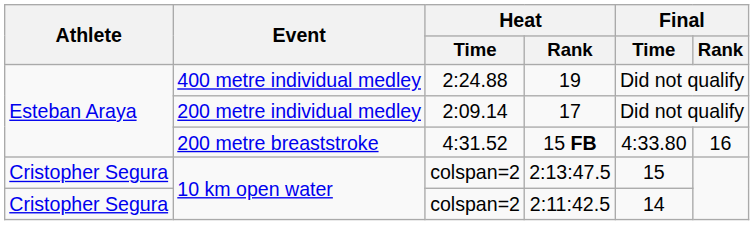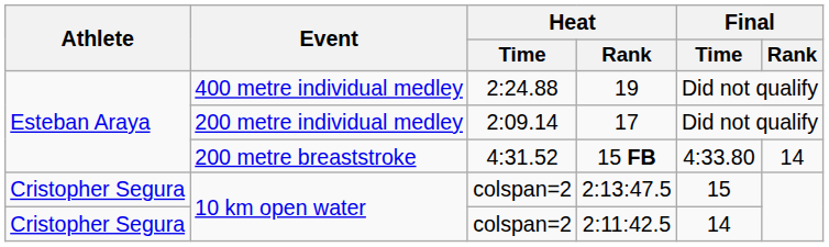 <table class=wikitable style="font-size:90%">
 <tr>
 <th rowspan="2">Athlete</th>
 <th rowspan="2">Event</th>
 <th colspan="2">Heat</th>
 <th colspan="2">Final</th>
 </tr>
 <tr style="font-size:95%">
 <th>Time</th>
 <th>Rank</th>
 <th>Time</th>
 <th>Rank</th>
 </tr>
 <tr align=center>
 <td align=left rowspan="3"><a href='#'>Esteban Araya</a></td>
 <td align=left><a href='#'>400 metre individual medley</a></td>
 <td>2:24.88</td>
 <td>19</td>
 <td colspan=2>Did not qualify</td>
 </tr>
 <tr align=center>
 <td align=left><a href='#'>200 metre individual medley</a></td>
 <td>2:09.14</td>
 <td>17</td>
 <td colspan=2>Did not qualify</td>
 </tr>
 <tr align=center>
 <td align=left><a href='#'>200 metre breaststroke</a></td>
 <td>4:31.52</td>
 <td>15 <strong>FB</strong></td>
 <td>4:33.80</td>
-<td>16</td>
+<td>14</td>
 </tr>
 <tr align=center>
 <td align=left><a href='#'>Cristopher Segura</a></td>
 <td align=left rowspan=2><a href='#'>10 km open water</a></td>
 <td>colspan=2 </td>
 <td>2:13:47.5</td>
 <td>15</td>
 </tr>
 <tr align=center>
 <td align=left><a href='#'>Cristopher Segura</a></td>
 <td>colspan=2 </td>
 <td>2:11:42.5</td>
 <td>14</td>
 </tr>
 </table>
